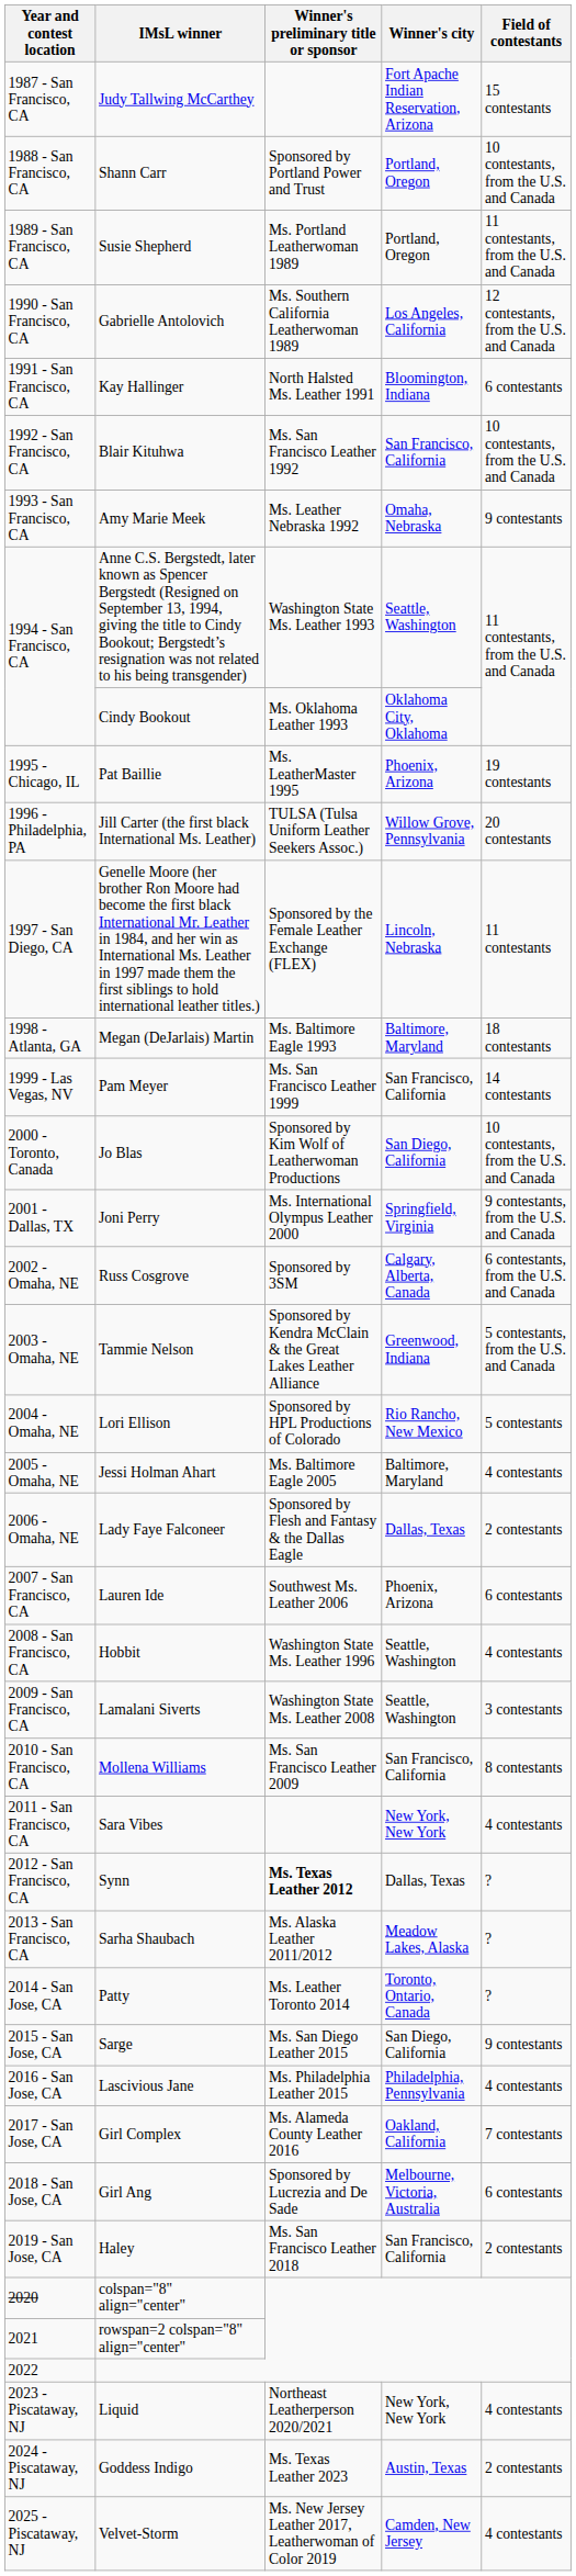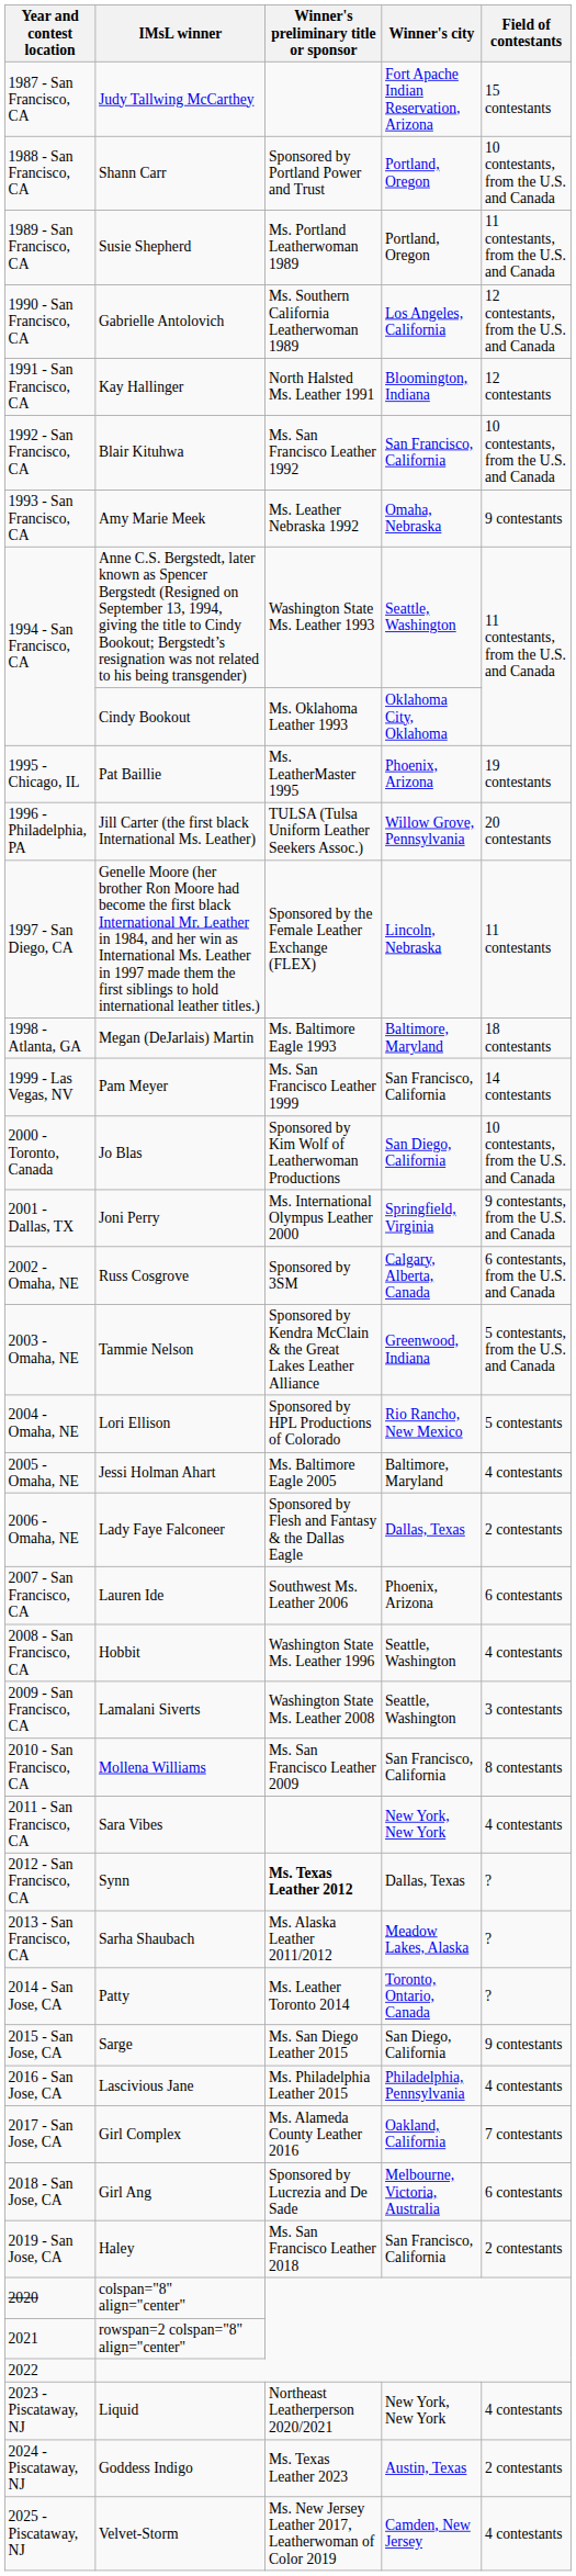 <table class="wikitable">
 <tr>
 <th>Year and contest location</th>
 <th>IMsL winner</th>
 <th>Winner's preliminary title or sponsor</th>
 <th>Winner's city</th>
 <th>Field of contestants</th>
 </tr>
 <tr>
 <td>1987 - San Francisco, CA</td>
 <td><a href='#'>Judy Tallwing McCarthey</a></td>
 <td></td>
 <td><a href='#'>Fort Apache Indian Reservation, Arizona</a></td>
 <td>15 contestants</td>
 </tr>
 <tr>
 <td>1988 - San Francisco, CA</td>
 <td>Shann Carr</td>
 <td>Sponsored by Portland Power and Trust</td>
 <td><a href='#'>Portland, Oregon</a></td>
 <td>10 contestants, from the U.S. and Canada</td>
 </tr>
 <tr>
 <td>1989 - San Francisco, CA</td>
 <td>Susie Shepherd</td>
 <td>Ms. Portland Leatherwoman 1989</td>
 <td>Portland, Oregon</td>
 <td>11 contestants, from the U.S. and Canada</td>
 </tr>
 <tr>
 <td>1990 - San Francisco, CA</td>
 <td>Gabrielle Antolovich</td>
 <td>Ms. Southern California Leatherwoman 1989</td>
 <td><a href='#'>Los Angeles, California</a></td>
 <td>12 contestants, from the U.S. and Canada</td>
 </tr>
 <tr>
 <td>1991 - San Francisco, CA</td>
 <td>Kay Hallinger</td>
 <td>North Halsted Ms. Leather 1991</td>
 <td><a href='#'>Bloomington, Indiana</a></td>
-<td>6 contestants</td>
+<td>12 contestants</td>
 </tr>
 <tr>
 <td>1992 - San Francisco, CA</td>
 <td>Blair Kituhwa</td>
 <td>Ms. San Francisco Leather 1992</td>
 <td><a href='#'>San Francisco, California</a></td>
 <td>10 contestants, from the U.S. and Canada</td>
 </tr>
 <tr>
 <td>1993 - San Francisco, CA</td>
 <td>Amy Marie Meek</td>
 <td>Ms. Leather Nebraska 1992</td>
 <td><a href='#'>Omaha, Nebraska</a></td>
 <td>9 contestants</td>
 </tr>
 <tr>
 <td rowspan=2>1994 - San Francisco, CA</td>
 <td scope="row">Anne C.S. Bergstedt, later known as Spencer Bergstedt (Resigned on September 13, 1994, giving the title to Cindy Bookout; Bergstedt’s resignation was not related to his being transgender)</td>
 <td scope="row">Washington State Ms. Leather 1993</td>
 <td scope="row"><a href='#'>Seattle, Washington</a></td>
 <td rowspan=2>11 contestants, from the U.S. and Canada</td>
 </tr>
 <tr>
 <td scope="row">Cindy Bookout</td>
 <td scope="row">Ms. Oklahoma Leather 1993</td>
 <td scope="row"><a href='#'>Oklahoma City, Oklahoma</a></td>
 </tr>
 <tr>
 <td>1995 - Chicago, IL</td>
 <td>Pat Baillie</td>
 <td>Ms. LeatherMaster 1995</td>
 <td><a href='#'>Phoenix, Arizona</a></td>
 <td>19 contestants</td>
 </tr>
 <tr>
 <td>1996 - Philadelphia, PA</td>
 <td>Jill Carter (the first black International Ms. Leather)</td>
 <td>TULSA (Tulsa Uniform Leather Seekers Assoc.)</td>
 <td><a href='#'>Willow Grove, Pennsylvania</a></td>
 <td>20 contestants</td>
 </tr>
 <tr>
 <td>1997 - San Diego, CA</td>
 <td>Genelle Moore (her brother Ron Moore had become the first black <a href='#'>International Mr. Leather</a> in 1984, and her win as International Ms. Leather in 1997 made them the first siblings to hold international leather titles.)</td>
 <td>Sponsored by the Female Leather Exchange (FLEX)</td>
 <td><a href='#'>Lincoln, Nebraska</a></td>
 <td>11 contestants</td>
 </tr>
 <tr>
 <td>1998 - Atlanta, GA</td>
 <td>Megan (DeJarlais) Martin</td>
 <td>Ms. Baltimore Eagle 1993</td>
 <td><a href='#'>Baltimore, Maryland</a></td>
 <td>18 contestants</td>
 </tr>
 <tr>
 <td>1999 - Las Vegas, NV</td>
 <td>Pam Meyer</td>
 <td>Ms. San Francisco Leather 1999</td>
 <td>San Francisco, California</td>
 <td>14 contestants</td>
 </tr>
 <tr>
 <td>2000 - Toronto, Canada</td>
 <td>Jo Blas</td>
 <td>Sponsored by Kim Wolf of Leatherwoman Productions</td>
 <td><a href='#'>San Diego, California</a></td>
 <td>10 contestants, from the U.S. and Canada</td>
 </tr>
 <tr>
 <td>2001 - Dallas, TX</td>
 <td>Joni Perry</td>
 <td>Ms. International Olympus Leather 2000</td>
 <td><a href='#'>Springfield, Virginia</a></td>
 <td>9 contestants, from the U.S. and Canada</td>
 </tr>
 <tr>
 <td>2002 - Omaha, NE</td>
 <td>Russ Cosgrove</td>
 <td>Sponsored by 3SM</td>
 <td><a href='#'>Calgary, Alberta, Canada</a></td>
 <td>6 contestants, from the U.S. and Canada</td>
 </tr>
 <tr>
 <td>2003 - Omaha, NE</td>
 <td>Tammie Nelson</td>
 <td>Sponsored by Kendra McClain & the Great Lakes Leather Alliance</td>
 <td><a href='#'>Greenwood, Indiana</a></td>
 <td>5 contestants, from the U.S. and Canada</td>
 </tr>
 <tr>
 <td>2004 - Omaha, NE</td>
 <td>Lori Ellison</td>
 <td>Sponsored by HPL Productions of Colorado</td>
 <td><a href='#'>Rio Rancho, New Mexico</a></td>
 <td>5 contestants</td>
 </tr>
 <tr>
 <td>2005 - Omaha, NE</td>
 <td>Jessi Holman Ahart</td>
 <td>Ms. Baltimore Eagle 2005</td>
 <td>Baltimore, Maryland</td>
 <td>4 contestants</td>
 </tr>
 <tr>
 <td>2006 - Omaha, NE</td>
 <td>Lady Faye Falconeer</td>
 <td>Sponsored by Flesh and Fantasy & the Dallas Eagle</td>
 <td><a href='#'>Dallas, Texas</a></td>
 <td>2 contestants</td>
 </tr>
 <tr>
 <td>2007 - San Francisco, CA</td>
 <td>Lauren Ide</td>
 <td>Southwest Ms. Leather 2006</td>
 <td>Phoenix, Arizona</td>
 <td>6 contestants</td>
 </tr>
 <tr>
 <td>2008 - San Francisco, CA</td>
 <td>Hobbit</td>
 <td>Washington State Ms. Leather 1996</td>
 <td>Seattle, Washington</td>
 <td>4 contestants</td>
 </tr>
 <tr>
 <td>2009 - San Francisco, CA</td>
 <td>Lamalani Siverts</td>
 <td>Washington State Ms. Leather 2008</td>
 <td>Seattle, Washington</td>
 <td>3 contestants</td>
 </tr>
 <tr>
 <td>2010 - San Francisco, CA</td>
 <td><a href='#'>Mollena Williams</a></td>
 <td>Ms. San Francisco Leather 2009</td>
 <td>San Francisco, California</td>
 <td>8 contestants</td>
 </tr>
 <tr>
 <td>2011 - San Francisco, CA</td>
 <td>Sara Vibes</td>
 <td></td>
 <td><a href='#'>New York, New York</a></td>
 <td>4 contestants</td>
 </tr>
 <tr>
 <td>2012 - San Francisco, CA</td>
 <td>Synn</td>
 <td><strong>Ms. Texas Leather 2012</strong></td>
 <td>Dallas, Texas</td>
 <td>?</td>
 </tr>
 <tr>
 <td>2013 - San Francisco, CA</td>
 <td>Sarha Shaubach</td>
 <td>Ms. Alaska Leather 2011/2012</td>
 <td><a href='#'>Meadow Lakes, Alaska</a></td>
 <td>?</td>
 </tr>
 <tr>
 <td>2014 - San Jose, CA</td>
 <td>Patty</td>
 <td>Ms. Leather Toronto 2014</td>
 <td><a href='#'>Toronto, Ontario, Canada</a></td>
 <td>?</td>
 </tr>
 <tr>
 <td>2015 - San Jose, CA</td>
 <td>Sarge</td>
 <td>Ms. San Diego Leather 2015</td>
 <td>San Diego, California</td>
 <td>9 contestants</td>
 </tr>
 <tr>
 <td>2016 - San Jose, CA</td>
 <td>Lascivious Jane</td>
 <td>Ms. Philadelphia Leather 2015</td>
 <td><a href='#'>Philadelphia, Pennsylvania</a></td>
 <td>4 contestants</td>
 </tr>
 <tr>
 <td>2017 - San Jose, CA</td>
 <td>Girl Complex</td>
 <td>Ms. Alameda County Leather 2016</td>
 <td><a href='#'>Oakland, California</a></td>
 <td>7 contestants</td>
 </tr>
 <tr>
 <td>2018 - San Jose, CA</td>
 <td>Girl Ang</td>
 <td>Sponsored by Lucrezia and De Sade</td>
 <td><a href='#'>Melbourne, Victoria, Australia</a></td>
 <td>6 contestants</td>
 </tr>
 <tr>
 <td>2019 - San Jose, CA</td>
 <td>Haley</td>
 <td>Ms. San Francisco Leather 2018</td>
 <td>San Francisco, California</td>
 <td>2 contestants</td>
 </tr>
 <tr>
 <td><s>2020</s></td>
 <td>colspan="8" align="center" </td>
 </tr>
 <tr>
 <td>2021</td>
 <td>rowspan=2 colspan="8" align="center" </td>
 </tr>
 <tr>
 <td>2022</td>
 </tr>
 <tr>
 <td>2023 - Piscataway, NJ</td>
 <td>Liquid</td>
 <td>Northeast Leatherperson 2020/2021</td>
 <td>New York, New York</td>
 <td>4 contestants</td>
 </tr>
 <tr>
 <td>2024 - Piscataway, NJ</td>
 <td>Goddess Indigo</td>
 <td>Ms. Texas Leather 2023</td>
 <td><a href='#'>Austin, Texas</a></td>
 <td>2 contestants</td>
 </tr>
 <tr>
 <td>2025 - Piscataway, NJ</td>
 <td>Velvet-Storm</td>
 <td>Ms. New Jersey Leather 2017, Leatherwoman of Color 2019</td>
 <td><a href='#'>Camden, New Jersey</a></td>
 <td>4 contestants</td>
 </tr>
 </table>
